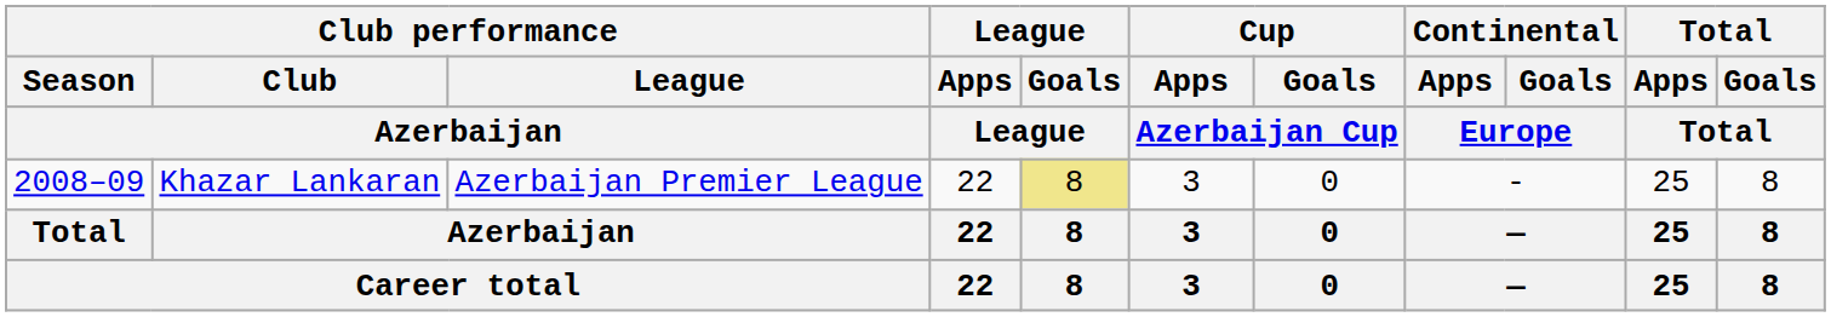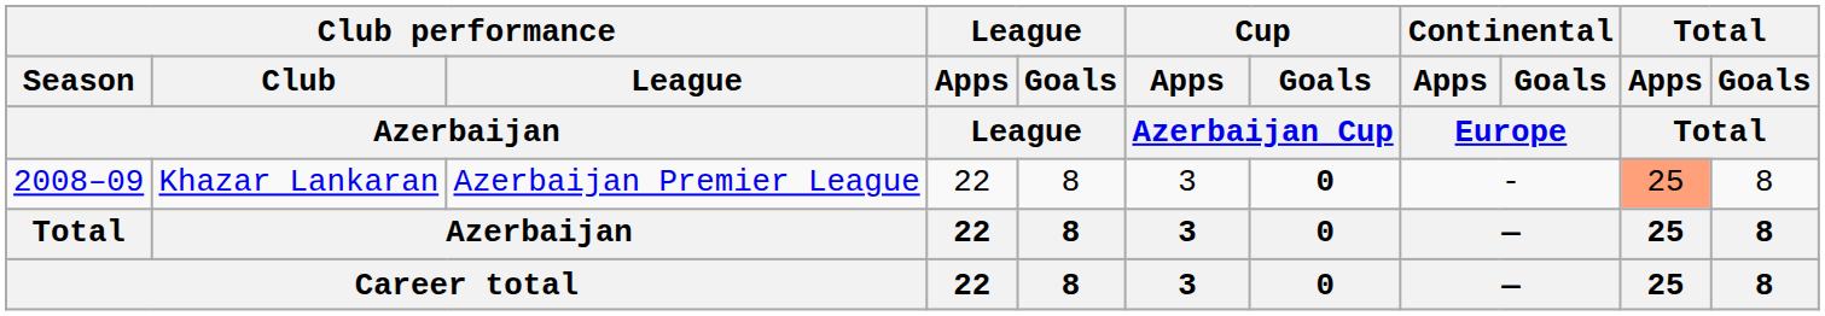 <table class="wikitable" style="text-align:center;">
 <tr>
 <th colspan=3>Club performance</th>
 <th colspan=2>League</th>
 <th colspan=2>Cup</th>
 <th colspan=2>Continental</th>
 <th colspan=2>Total</th>
 </tr>
 <tr>
 <th>Season</th>
 <th>Club</th>
 <th>League</th>
 <th>Apps</th>
 <th>Goals</th>
 <th>Apps</th>
 <th>Goals</th>
 <th>Apps</th>
 <th>Goals</th>
 <th>Apps</th>
 <th>Goals</th>
 </tr>
 <tr>
 <th colspan=3>Azerbaijan</th>
 <th colspan=2>League</th>
 <th colspan=2><a href='#'>Azerbaijan Cup</a></th>
 <th colspan=2><a href='#'>Europe</a></th>
 <th colspan=2>Total</th>
 </tr>
 <tr>
 <td><a href='#'>2008–09</a></td>
 <td><a href='#'>Khazar Lankaran</a></td>
 <td><a href='#'>Azerbaijan Premier League</a></td>
 <td>22</td>
-<td style="background: khaki;">8</td>
+<td>8</td>
 <td>3</td>
-<td>0</td>
+<td><strong>0</strong></td>
 <td colspan="2">-</td>
-<td>25</td>
+<td style="background: lightsalmon;">25</td>
 <td>8</td>
 </tr>
 <tr>
 <th rowspan=1>Total</th>
 <th colspan=2>Azerbaijan</th>
 <th>22</th>
 <th>8</th>
 <th>3</th>
 <th>0</th>
 <th colspan="2">—</th>
 <th>25</th>
 <th>8</th>
 </tr>
 <tr>
 <th colspan=3>Career total</th>
 <th>22</th>
 <th>8</th>
 <th>3</th>
 <th>0</th>
 <th colspan="2">—</th>
 <th>25</th>
 <th>8</th>
 </tr>
 </table>
